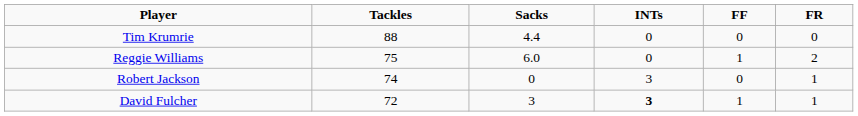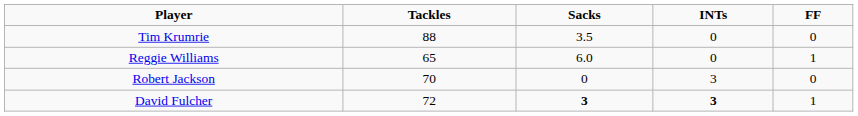 <table class="wikitable" width="80%">
 <tr align="center">
 <td><strong>Player</strong></td>
 <td><strong>Tackles</strong></td>
 <td><strong>Sacks</strong></td>
 <td><strong>INTs</strong></td>
 <td><strong>FF</strong></td>
-<td><strong>FR</strong></td>
 </tr>
 <tr align="center" bgcolor="">
 <td><a href='#'>Tim Krumrie</a></td>
 <td>88</td>
-<td>4.4</td>
-<td>0</td>
+<td>3.5</td>
 <td>0</td>
 <td>0</td>
 </tr>
 <tr align="center" bgcolor="">
 <td><a href='#'>Reggie Williams</a></td>
-<td>75</td>
+<td>65</td>
 <td>6.0</td>
-<td>0</td>
-<td>1</td>
-<td>2</td>
-</tr>
-<tr align="center" bgcolor="">
-<td><a href='#'>Robert Jackson</a></td>
-<td>74</td>
-<td>0</td>
-<td>3</td>
 <td>0</td>
 <td>1</td>
 </tr>
 <tr align="center" bgcolor="">
+<td><a href='#'>Robert Jackson</a></td>
+<td>70</td>
+<td>0</td>
+<td>3</td>
+<td>0</td>
+</tr>
+<tr align="center" bgcolor="">
 <td><a href='#'>David Fulcher</a></td>
 <td>72</td>
-<td>3</td>
 <td><strong>3</strong></td>
-<td>1</td>
+<td><strong>3</strong></td>
 <td>1</td>
 </tr>
 </table>
